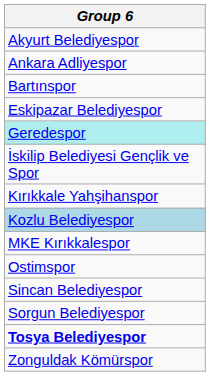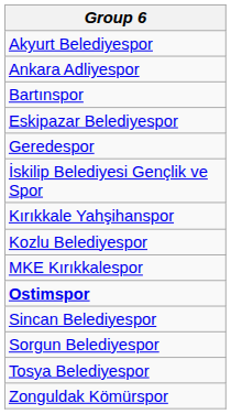 <table class="wikitable collapsible collapsed" style="font-size:95%;">
 <tr>
 <th colspan="1" width="200"><em>Group 6</em></th>
 </tr>
 <tr>
 <td><a href='#'>Akyurt Belediyespor</a></td>
 </tr>
 <tr>
 <td><a href='#'>Ankara Adliyespor</a></td>
 </tr>
 <tr>
 <td><a href='#'>Bartınspor</a></td>
 </tr>
 <tr>
 <td><a href='#'>Eskipazar Belediyespor</a></td>
 </tr>
 <tr>
-<td style="background: paleturquoise;"><a href='#'>Geredespor</a></td>
+<td><a href='#'>Geredespor</a></td>
 </tr>
 <tr>
 <td><a href='#'>İskilip Belediyesi Gençlik ve Spor</a></td>
 </tr>
 <tr>
 <td><a href='#'>Kırıkkale Yahşihanspor</a></td>
 </tr>
 <tr>
-<td style="background: lightblue;"><a href='#'>Kozlu Belediyespor</a></td>
+<td><a href='#'>Kozlu Belediyespor</a></td>
 </tr>
 <tr>
 <td><a href='#'>MKE Kırıkkalespor</a></td>
 </tr>
 <tr>
-<td><a href='#'>Ostimspor</a></td>
+<td><strong><a href='#'>Ostimspor</a></strong></td>
 </tr>
 <tr>
 <td><a href='#'>Sincan Belediyespor</a></td>
 </tr>
 <tr>
 <td><a href='#'>Sorgun Belediyespor</a></td>
 </tr>
 <tr>
-<td><strong><a href='#'>Tosya Belediyespor</a></strong></td>
+<td><a href='#'>Tosya Belediyespor</a></td>
 </tr>
 <tr>
 <td><a href='#'>Zonguldak Kömürspor</a></td>
 </tr>
 </table>
